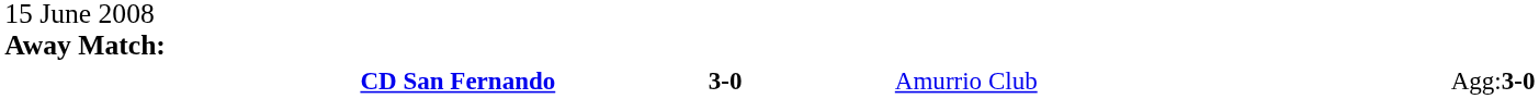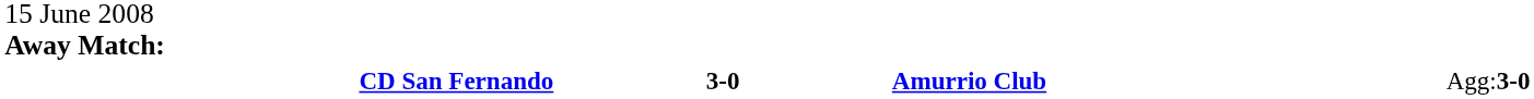 <table width=100% cellspacing=1>
 <tr>
 <th width=20%></th>
 <th width=12%></th>
 <th width=20%></th>
 <th></th>
 </tr>
 <tr>
 <td>15 June 2008<br><strong>Away Match:</strong></td>
 </tr>
 <tr style=font-size:90%>
 <td align=right><strong><a href='#'>CD San Fernando</a></strong></td>
 <td align=center><strong>3-0</strong></td>
-<td><a href='#'>Amurrio Club</a></td>
+<td><strong><a href='#'>Amurrio Club</a></strong></td>
 <td>Agg:<strong>3-0</strong></td>
 </tr>
 </table>
